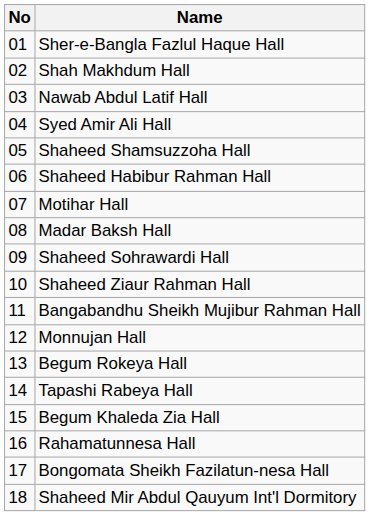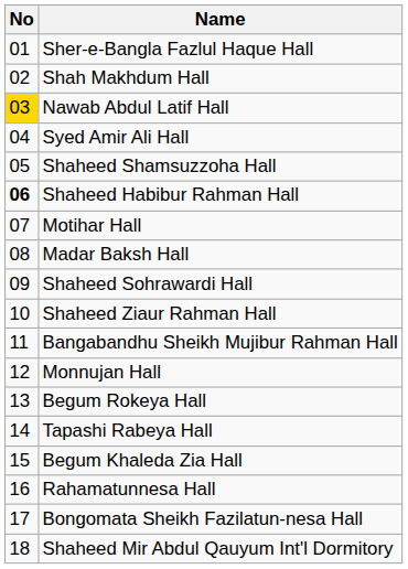 <table class="wikitable">
 <tr>
 <th>No</th>
 <th>Name</th>
 </tr>
 <tr>
 <td>01</td>
 <td>Sher-e-Bangla Fazlul Haque Hall</td>
 </tr>
 <tr>
 <td>02</td>
 <td>Shah Makhdum Hall</td>
 </tr>
 <tr>
-<td>03</td>
+<td style="background: gold;">03</td>
 <td>Nawab Abdul Latif Hall</td>
 </tr>
 <tr>
 <td>04</td>
 <td>Syed Amir Ali Hall</td>
 </tr>
 <tr>
 <td>05</td>
 <td>Shaheed Shamsuzzoha Hall</td>
 </tr>
 <tr>
-<td>06</td>
+<td><strong>06</strong></td>
 <td>Shaheed Habibur Rahman Hall</td>
 </tr>
 <tr>
 <td>07</td>
 <td>Motihar Hall</td>
 </tr>
 <tr>
 <td>08</td>
 <td>Madar Baksh Hall</td>
 </tr>
 <tr>
 <td>09</td>
 <td>Shaheed Sohrawardi Hall</td>
 </tr>
 <tr>
 <td>10</td>
 <td>Shaheed Ziaur Rahman Hall</td>
 </tr>
 <tr>
 <td>11</td>
 <td>Bangabandhu Sheikh Mujibur Rahman Hall</td>
 </tr>
 <tr>
 <td>12</td>
 <td>Monnujan Hall</td>
 </tr>
 <tr>
 <td>13</td>
 <td>Begum Rokeya Hall</td>
 </tr>
 <tr>
 <td>14</td>
 <td>Tapashi Rabeya Hall</td>
 </tr>
 <tr>
 <td>15</td>
 <td>Begum Khaleda Zia Hall</td>
 </tr>
 <tr>
 <td>16</td>
 <td>Rahamatunnesa Hall</td>
 </tr>
 <tr>
 <td>17</td>
 <td>Bongomata Sheikh Fazilatun-nesa Hall</td>
 </tr>
 <tr>
 <td>18</td>
 <td>Shaheed Mir Abdul Qauyum Int'l Dormitory</td>
 </tr>
 </table>
